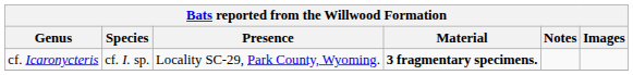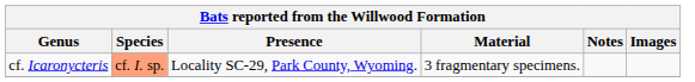 <table class="wikitable" align="center">
 <tr>
 <th colspan="6" align="center"><strong><a href='#'>Bats</a> reported from the Willwood Formation</strong></th>
 </tr>
 <tr>
 <th>Genus</th>
 <th>Species</th>
 <th>Presence</th>
 <th><strong>Material</strong></th>
 <th>Notes</th>
 <th>Images</th>
 </tr>
 <tr>
 <td>cf. <em><a href='#'>Icaronycteris</a></em></td>
-<td>cf<em>. I.</em> sp.</td>
+<td style="background: lightsalmon;">cf<em>. I.</em> sp.</td>
 <td>Locality SC-29, <a href='#'>Park County, Wyoming</a>.</td>
-<td><strong>3 fragmentary specimens.</strong></td>
+<td>3 fragmentary specimens.</td>
 <td></td>
 <td></td>
 </tr>
 <tr>
 </tr>
 </table>
